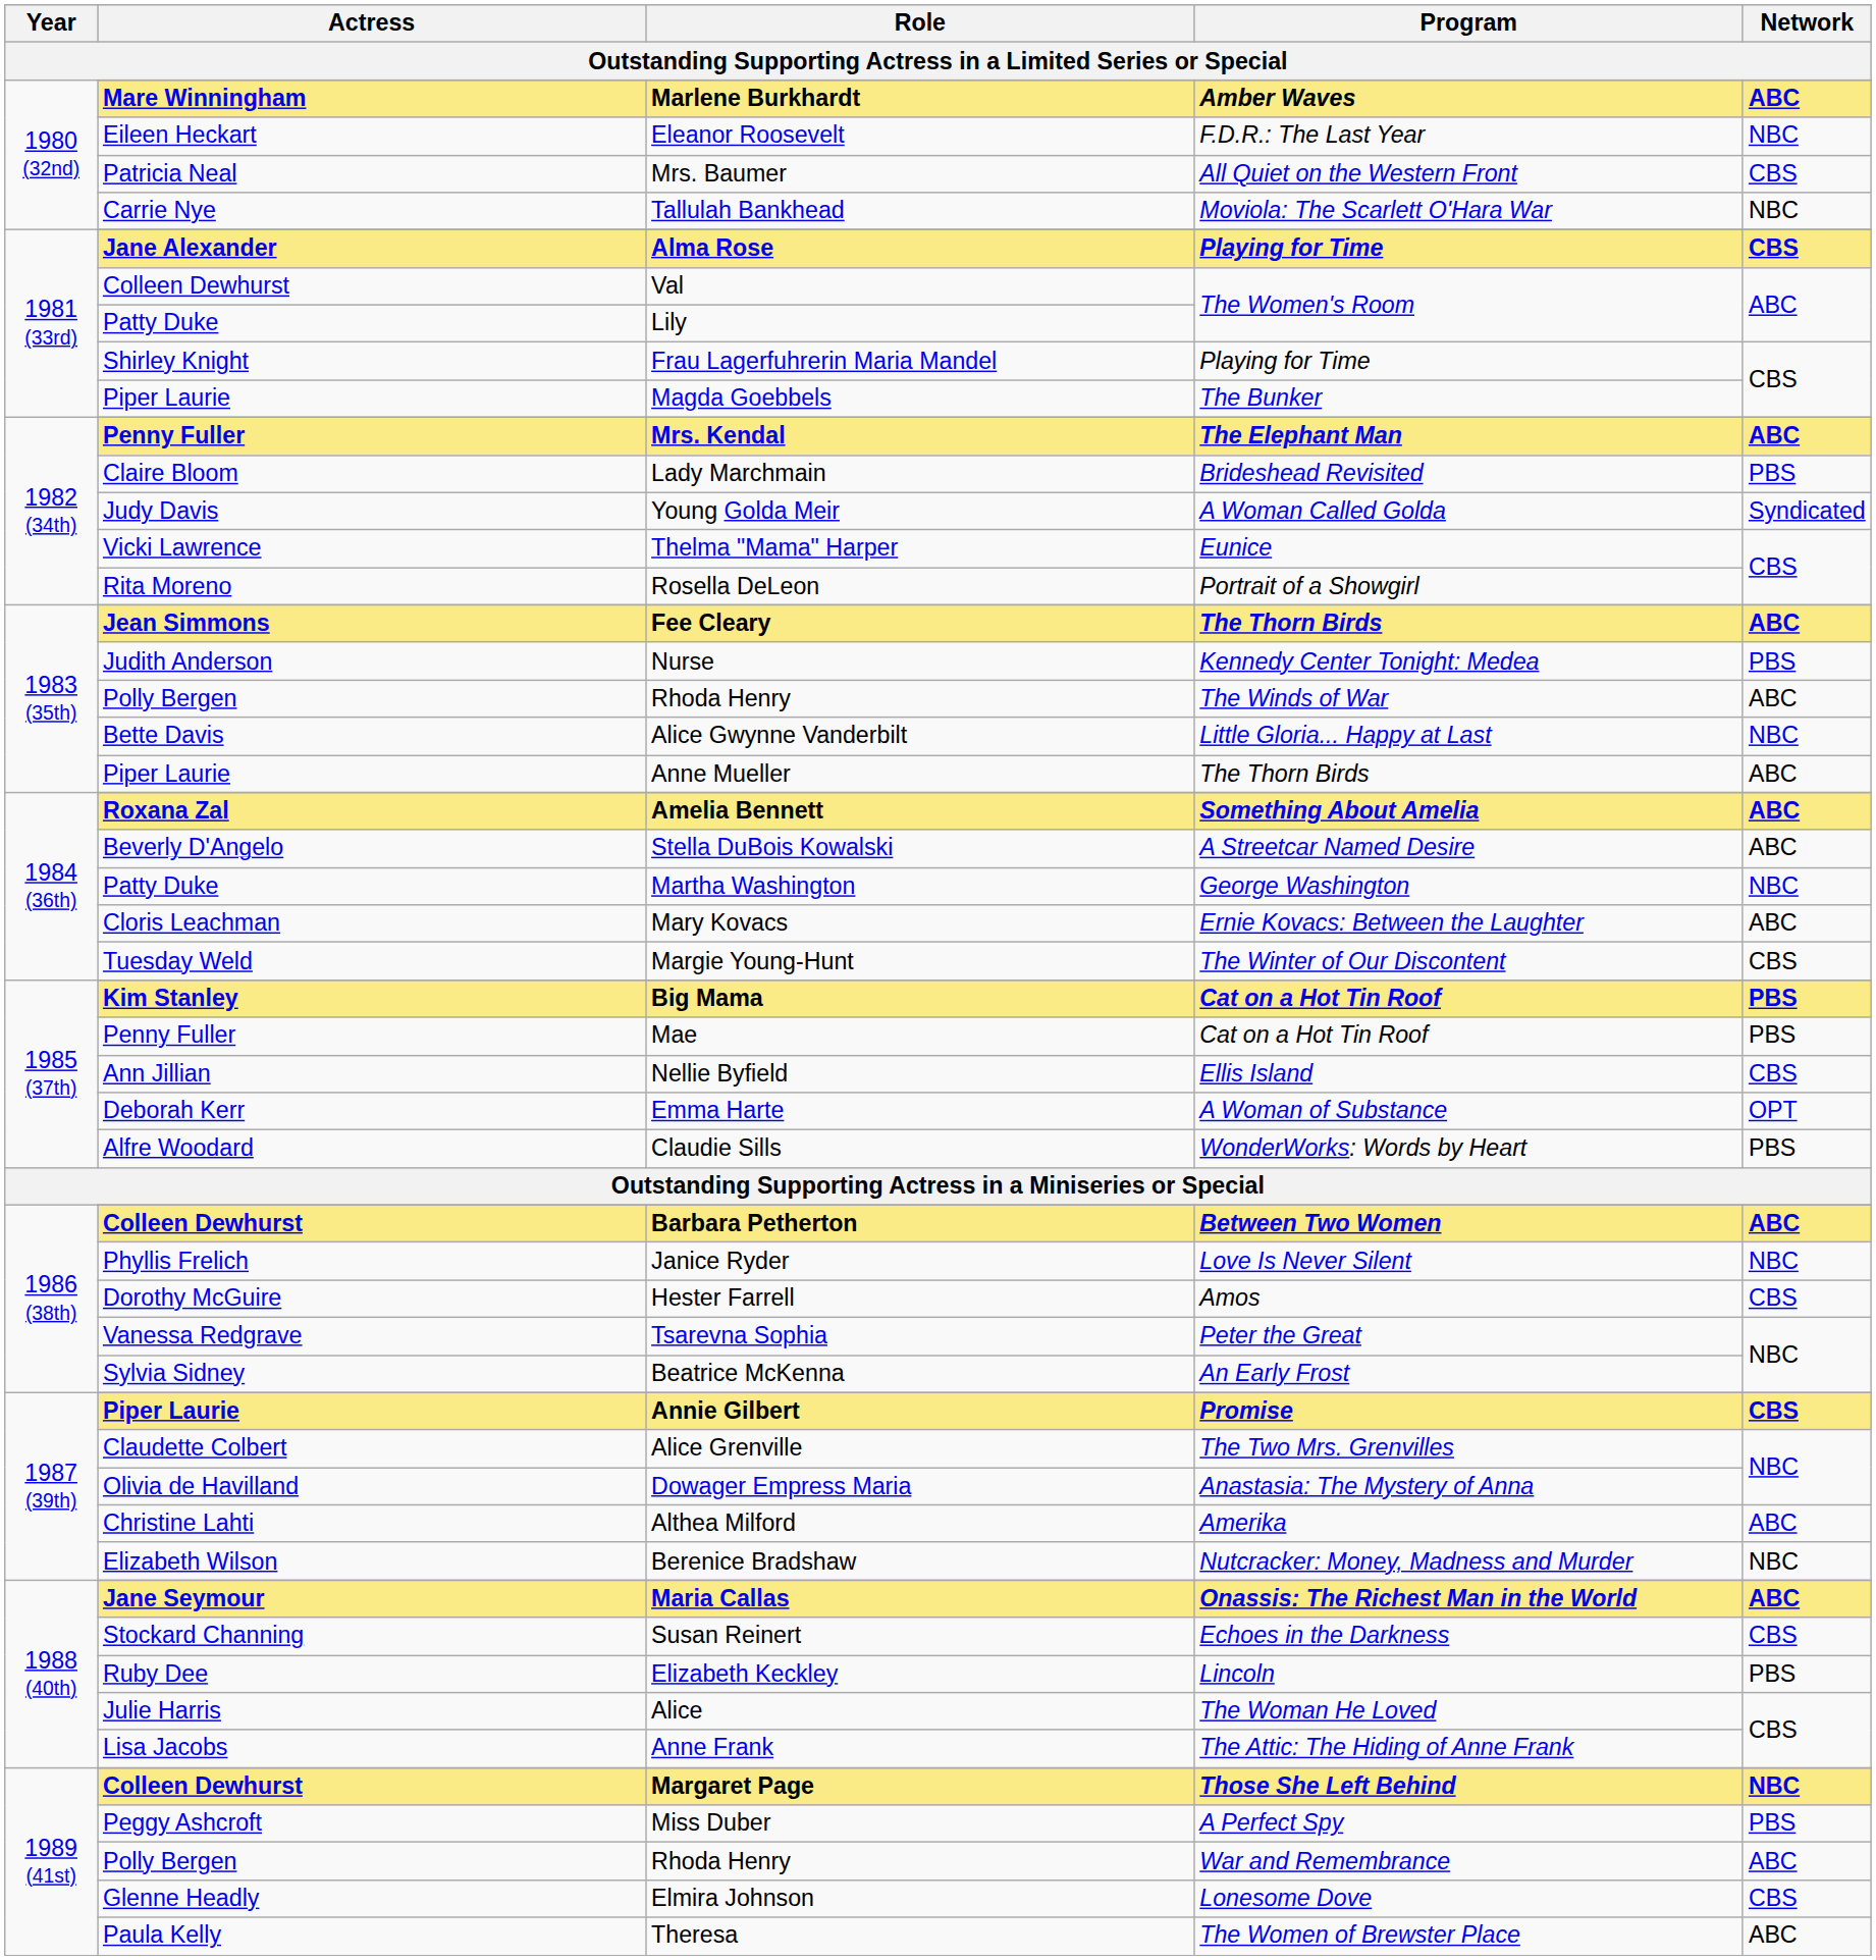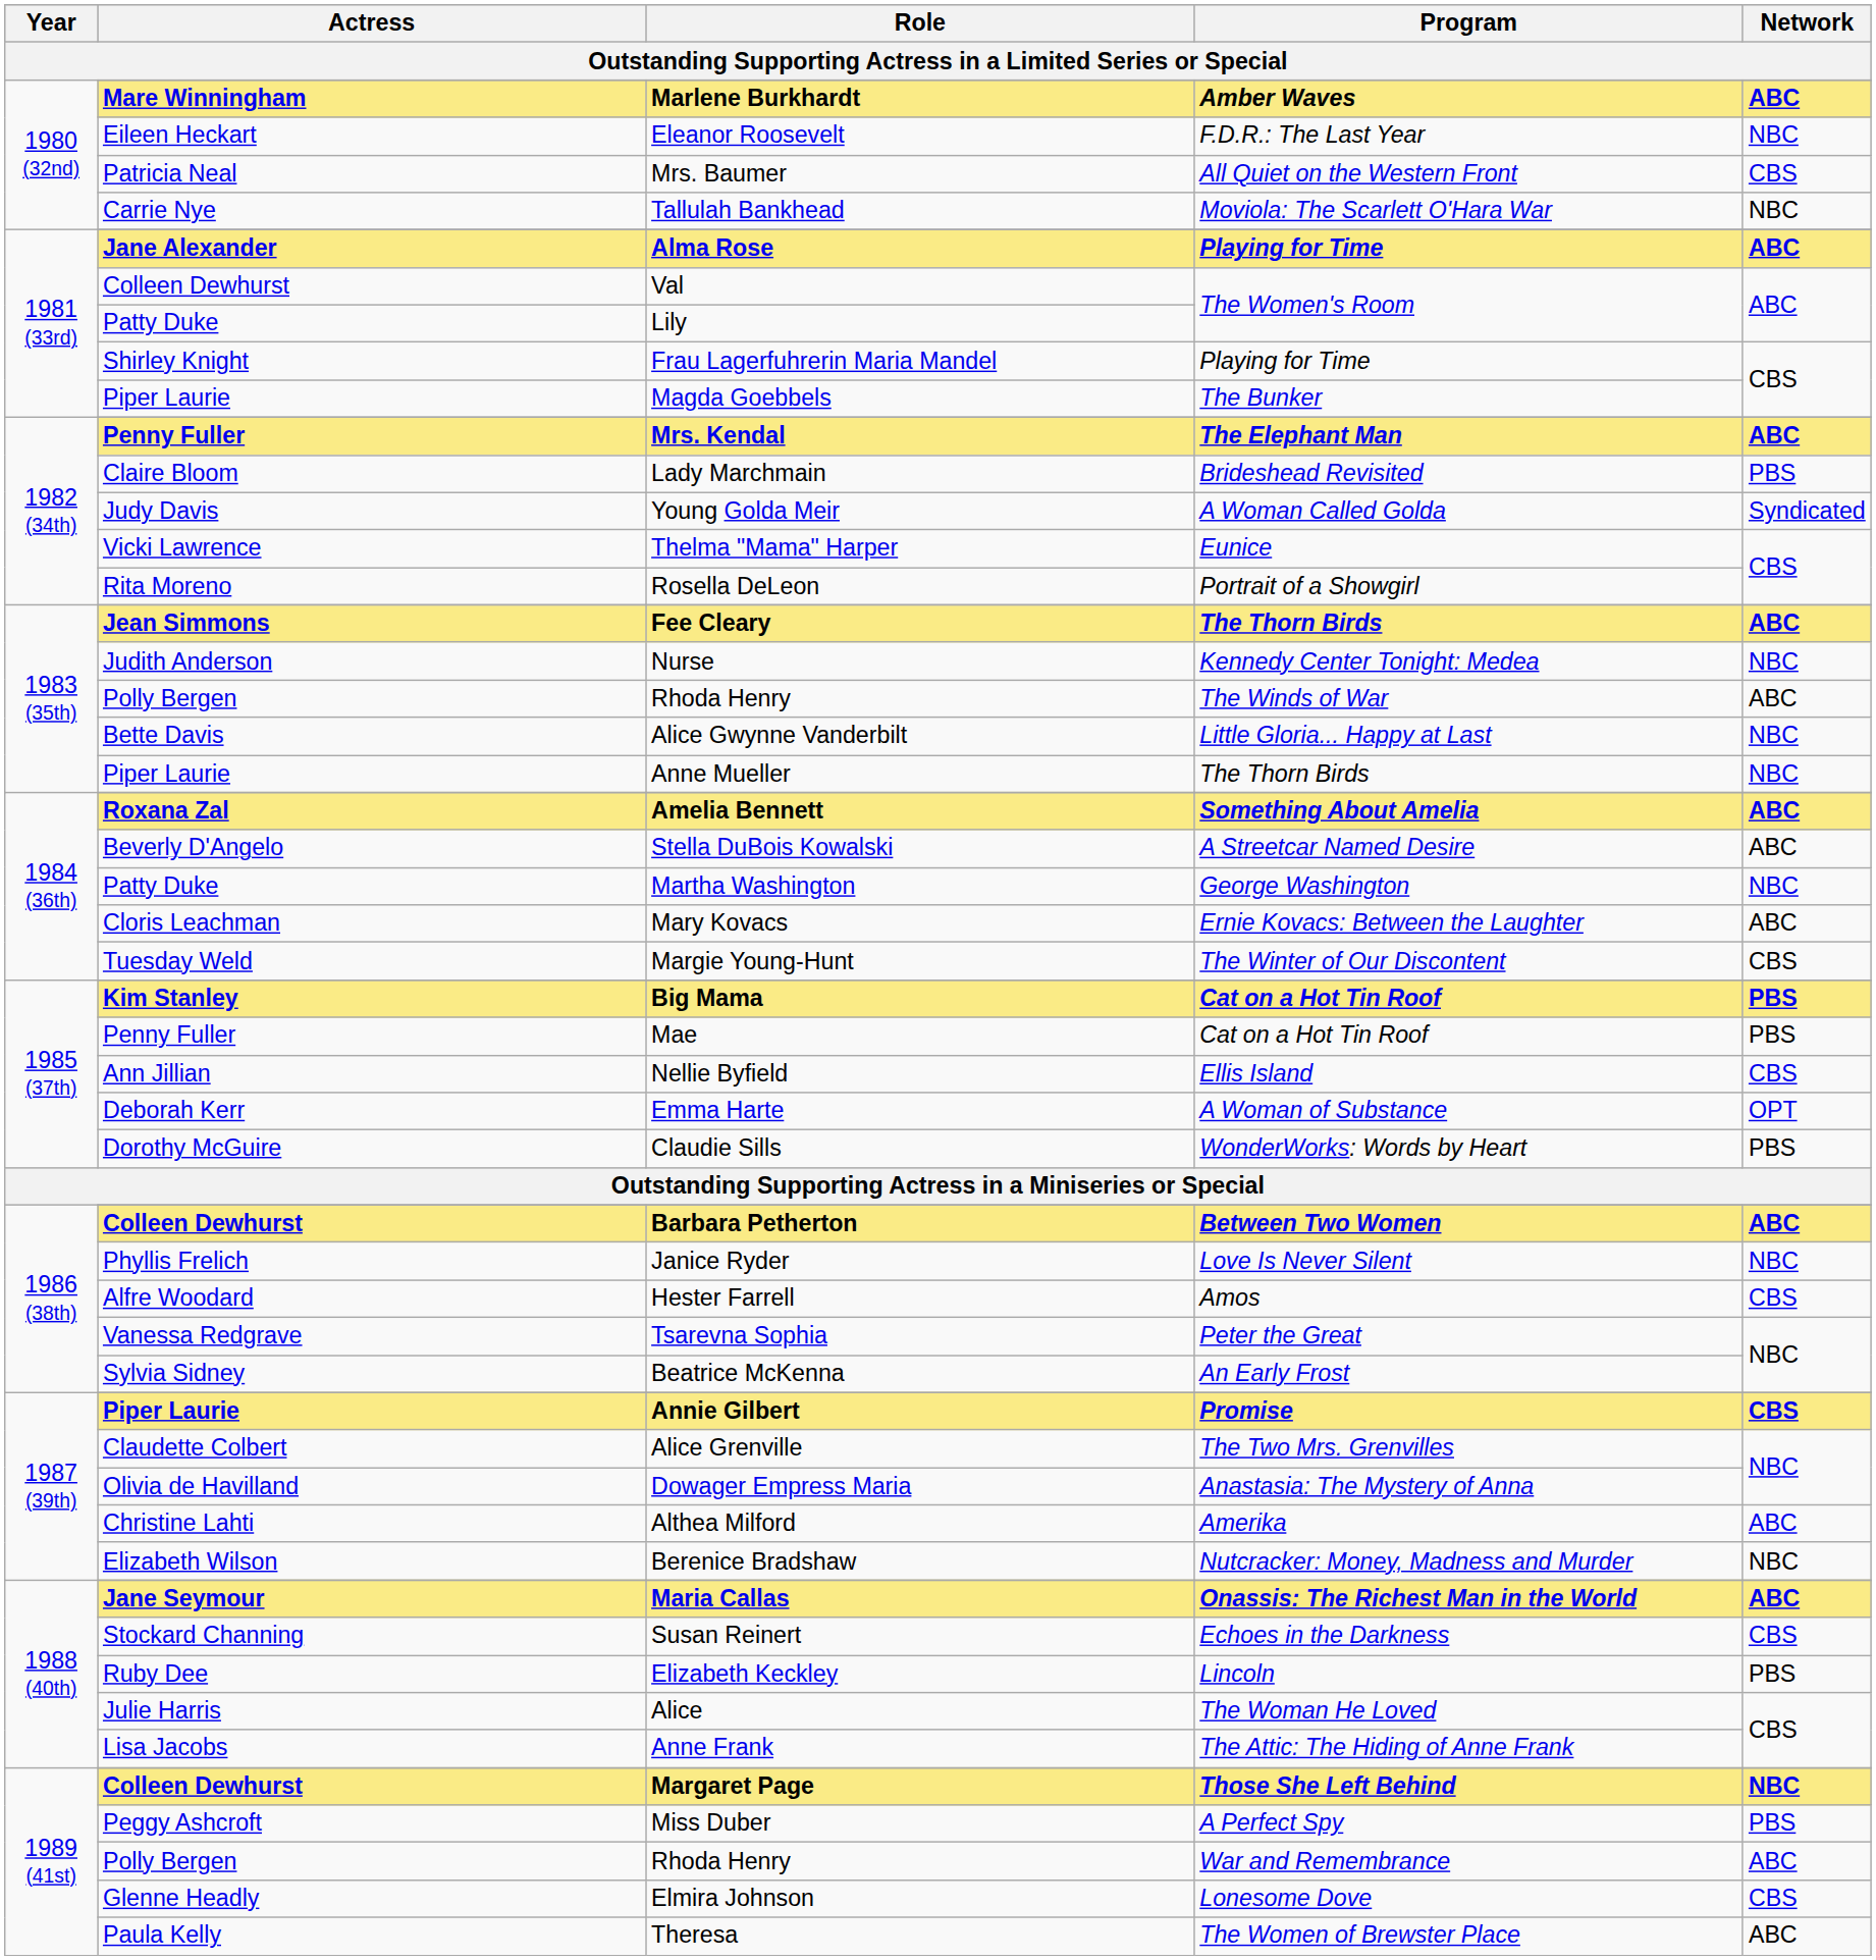 <table class="wikitable" style="width:100%; text-align: left;">
 <tr style="background:#bebebe;">
 <th style="width:5%;">Year</th>
 <th style="width:30%;">Actress</th>
 <th style="width:30%;">Role</th>
 <th style="width:30%;">Program</th>
 <th style="width:5%;">Network</th>
 </tr>
 <tr>
 <th colspan=5>Outstanding Supporting Actress in a Limited Series or Special</th>
 </tr>
 <tr>
 <td rowspan=5 style="text-align:center"><a href='#'>1980</a><br><small><a href='#'>(32nd)</a></small><br></td>
 </tr>
 <tr style="background:#FAEB86;">
 <td><strong><a href='#'>Mare Winningham</a></strong></td>
 <td><strong>Marlene Burkhardt</strong></td>
 <td><strong><em>Amber Waves</em></strong></td>
 <td><strong><a href='#'>ABC</a></strong></td>
 </tr>
 <tr>
 <td><a href='#'>Eileen Heckart</a></td>
 <td><a href='#'>Eleanor Roosevelt</a></td>
 <td><em>F.D.R.: The Last Year</em></td>
 <td><a href='#'>NBC</a></td>
 </tr>
 <tr>
 <td><a href='#'>Patricia Neal</a></td>
 <td>Mrs. Baumer</td>
 <td><em><a href='#'>All Quiet on the Western Front</a></em></td>
 <td><a href='#'>CBS</a></td>
 </tr>
 <tr>
 <td><a href='#'>Carrie Nye</a></td>
 <td><a href='#'>Tallulah Bankhead</a></td>
 <td><em><a href='#'>Moviola: The Scarlett O'Hara War</a></em></td>
 <td>NBC</td>
 </tr>
 <tr>
 <td rowspan=6 style="text-align:center"><a href='#'>1981</a><br><small><a href='#'>(33rd)</a></small><br></td>
 </tr>
 <tr style="background:#FAEB86;">
 <td><strong><a href='#'>Jane Alexander</a></strong></td>
 <td><strong><a href='#'>Alma Rose</a></strong></td>
 <td><strong><em><a href='#'>Playing for Time</a></em></strong></td>
-<td><strong><a href='#'>CBS</a></strong></td>
+<td><strong><a href='#'>ABC</a></strong></td>
 </tr>
 <tr>
 <td><a href='#'>Colleen Dewhurst</a></td>
 <td>Val</td>
 <td rowspan="2"><em><a href='#'>The Women's Room</a></em></td>
 <td rowspan="2"><a href='#'>ABC</a></td>
 </tr>
 <tr>
 <td><a href='#'>Patty Duke</a></td>
 <td>Lily</td>
 </tr>
 <tr>
 <td><a href='#'>Shirley Knight</a></td>
 <td><a href='#'>Frau Lagerfuhrerin Maria Mandel</a></td>
 <td><em>Playing for Time</em></td>
 <td rowspan="2">CBS</td>
 </tr>
 <tr>
 <td><a href='#'>Piper Laurie</a></td>
 <td><a href='#'>Magda Goebbels</a></td>
 <td><em><a href='#'>The Bunker</a></em></td>
 </tr>
 <tr>
 <td rowspan=6 style="text-align:center"><a href='#'>1982</a><br><small><a href='#'>(34th)</a></small><br></td>
 </tr>
 <tr style="background:#FAEB86;">
 <td><strong><a href='#'>Penny Fuller</a></strong></td>
 <td><strong><a href='#'>Mrs. Kendal</a></strong></td>
 <td><strong><em><a href='#'>The Elephant Man</a></em></strong></td>
 <td><strong><a href='#'>ABC</a></strong></td>
 </tr>
 <tr>
 <td><a href='#'>Claire Bloom</a></td>
 <td>Lady Marchmain</td>
 <td><em><a href='#'>Brideshead Revisited</a></em></td>
 <td><a href='#'>PBS</a></td>
 </tr>
 <tr>
 <td><a href='#'>Judy Davis</a></td>
 <td>Young <a href='#'>Golda Meir</a></td>
 <td><em><a href='#'>A Woman Called Golda</a></em></td>
 <td><a href='#'>Syndicated</a></td>
 </tr>
 <tr>
 <td><a href='#'>Vicki Lawrence</a></td>
 <td><a href='#'>Thelma "Mama" Harper</a></td>
 <td><em><a href='#'>Eunice</a></em></td>
 <td rowspan="2"><a href='#'>CBS</a></td>
 </tr>
 <tr>
 <td><a href='#'>Rita Moreno</a></td>
 <td>Rosella DeLeon</td>
 <td><em>Portrait of a Showgirl</em></td>
 </tr>
 <tr>
 <td rowspan=6 style="text-align:center"><a href='#'>1983</a><br><small><a href='#'>(35th)</a></small><br></td>
 </tr>
 <tr style="background:#FAEB86;">
 <td><strong><a href='#'>Jean Simmons</a></strong></td>
 <td><strong>Fee Cleary</strong></td>
 <td><strong><em><a href='#'>The Thorn Birds</a></em></strong></td>
 <td><strong><a href='#'>ABC</a></strong></td>
 </tr>
 <tr>
 <td><a href='#'>Judith Anderson</a></td>
 <td>Nurse</td>
 <td><em><a href='#'>Kennedy Center Tonight: Medea</a></em></td>
-<td><a href='#'>PBS</a></td>
+<td><a href='#'>NBC</a></td>
 </tr>
 <tr>
 <td><a href='#'>Polly Bergen</a></td>
 <td>Rhoda Henry</td>
 <td><em><a href='#'>The Winds of War</a></em></td>
 <td>ABC</td>
 </tr>
 <tr>
 <td><a href='#'>Bette Davis</a></td>
 <td>Alice Gwynne Vanderbilt</td>
 <td><em><a href='#'>Little Gloria... Happy at Last</a></em></td>
 <td><a href='#'>NBC</a></td>
 </tr>
 <tr>
 <td><a href='#'>Piper Laurie</a></td>
 <td>Anne Mueller</td>
 <td><em>The Thorn Birds</em></td>
-<td>ABC</td>
+<td><a href='#'>NBC</a></td>
 </tr>
 <tr>
 <td rowspan=6 style="text-align:center"><a href='#'>1984</a><br><small><a href='#'>(36th)</a></small><br></td>
 </tr>
 <tr style="background:#FAEB86;">
 <td><strong><a href='#'>Roxana Zal</a></strong></td>
 <td><strong>Amelia Bennett</strong></td>
 <td><strong><em><a href='#'>Something About Amelia</a></em></strong></td>
 <td><strong><a href='#'>ABC</a></strong></td>
 </tr>
 <tr>
 <td><a href='#'>Beverly D'Angelo</a></td>
 <td><a href='#'>Stella DuBois Kowalski</a></td>
 <td><em><a href='#'>A Streetcar Named Desire</a></em></td>
 <td>ABC</td>
 </tr>
 <tr>
 <td><a href='#'>Patty Duke</a></td>
 <td><a href='#'>Martha Washington</a></td>
 <td><em><a href='#'>George Washington</a></em></td>
 <td><a href='#'>NBC</a></td>
 </tr>
 <tr>
 <td><a href='#'>Cloris Leachman</a></td>
 <td>Mary Kovacs</td>
 <td><em><a href='#'>Ernie Kovacs: Between the Laughter</a></em></td>
 <td>ABC</td>
 </tr>
 <tr>
 <td><a href='#'>Tuesday Weld</a></td>
 <td>Margie Young-Hunt</td>
 <td><em><a href='#'>The Winter of Our Discontent</a></em></td>
 <td>CBS</td>
 </tr>
 <tr>
 <td rowspan=6 style="text-align:center"><a href='#'>1985</a><br><small><a href='#'>(37th)</a></small><br></td>
 </tr>
 <tr style="background:#FAEB86;">
 <td><strong><a href='#'>Kim Stanley</a></strong></td>
 <td><strong>Big Mama</strong></td>
 <td><strong><em><a href='#'>Cat on a Hot Tin Roof</a></em></strong></td>
 <td><strong><a href='#'>PBS</a></strong></td>
 </tr>
 <tr>
 <td><a href='#'>Penny Fuller</a></td>
 <td>Mae</td>
 <td><em>Cat on a Hot Tin Roof</em></td>
 <td>PBS</td>
 </tr>
 <tr>
 <td><a href='#'>Ann Jillian</a></td>
 <td>Nellie Byfield</td>
 <td><em><a href='#'>Ellis Island</a></em></td>
 <td><a href='#'>CBS</a></td>
 </tr>
 <tr>
 <td><a href='#'>Deborah Kerr</a></td>
 <td><a href='#'>Emma Harte</a></td>
 <td><em><a href='#'>A Woman of Substance</a></em></td>
 <td><a href='#'>OPT</a></td>
 </tr>
 <tr>
-<td><a href='#'>Alfre Woodard</a></td>
+<td><a href='#'>Dorothy McGuire</a></td>
 <td>Claudie Sills</td>
 <td><em><a href='#'>WonderWorks</a>: Words by Heart</em></td>
 <td>PBS</td>
 </tr>
 <tr>
 <th colspan=5>Outstanding Supporting Actress in a Miniseries or Special</th>
 </tr>
 <tr>
 <td rowspan=6 style="text-align:center"><a href='#'>1986</a><br><small><a href='#'>(38th)</a></small><br></td>
 </tr>
 <tr style="background:#FAEB86;">
 <td><strong><a href='#'>Colleen Dewhurst</a></strong></td>
 <td><strong>Barbara Petherton</strong></td>
 <td><strong><em><a href='#'>Between Two Women</a></em></strong></td>
 <td><strong><a href='#'>ABC</a></strong></td>
 </tr>
 <tr>
 <td><a href='#'>Phyllis Frelich</a></td>
 <td>Janice Ryder</td>
 <td><em><a href='#'>Love Is Never Silent</a></em></td>
 <td><a href='#'>NBC</a></td>
 </tr>
 <tr>
-<td><a href='#'>Dorothy McGuire</a></td>
+<td><a href='#'>Alfre Woodard</a></td>
 <td>Hester Farrell</td>
 <td><em>Amos</em></td>
 <td><a href='#'>CBS</a></td>
 </tr>
 <tr>
 <td><a href='#'>Vanessa Redgrave</a></td>
 <td><a href='#'>Tsarevna Sophia</a></td>
 <td><em><a href='#'>Peter the Great</a></em></td>
 <td rowspan="2">NBC</td>
 </tr>
 <tr>
 <td><a href='#'>Sylvia Sidney</a></td>
 <td>Beatrice McKenna</td>
 <td><em><a href='#'>An Early Frost</a></em></td>
 </tr>
 <tr>
 <td rowspan=6 style="text-align:center"><a href='#'>1987</a><br><small><a href='#'>(39th)</a></small><br></td>
 </tr>
 <tr style="background:#FAEB86;">
 <td><strong><a href='#'>Piper Laurie</a></strong></td>
 <td><strong>Annie Gilbert</strong></td>
 <td><strong><em><a href='#'>Promise</a></em></strong></td>
 <td><strong><a href='#'>CBS</a></strong></td>
 </tr>
 <tr>
 <td><a href='#'>Claudette Colbert</a></td>
 <td>Alice Grenville</td>
 <td><em><a href='#'>The Two Mrs. Grenvilles</a></em></td>
 <td rowspan="2"><a href='#'>NBC</a></td>
 </tr>
 <tr>
 <td><a href='#'>Olivia de Havilland</a></td>
 <td><a href='#'>Dowager Empress Maria</a></td>
 <td><em><a href='#'>Anastasia: The Mystery of Anna</a></em></td>
 </tr>
 <tr>
 <td><a href='#'>Christine Lahti</a></td>
 <td>Althea Milford</td>
 <td><em><a href='#'>Amerika</a></em></td>
 <td><a href='#'>ABC</a></td>
 </tr>
 <tr>
 <td><a href='#'>Elizabeth Wilson</a></td>
 <td>Berenice Bradshaw</td>
 <td><em><a href='#'>Nutcracker: Money, Madness and Murder</a></em></td>
 <td>NBC</td>
 </tr>
 <tr>
 <td rowspan=6 style="text-align:center"><a href='#'>1988</a><br><small><a href='#'>(40th)</a></small><br></td>
 </tr>
 <tr style="background:#FAEB86;">
 <td><strong><a href='#'>Jane Seymour</a></strong></td>
 <td><strong><a href='#'>Maria Callas</a></strong></td>
 <td><strong><em><a href='#'>Onassis: The Richest Man in the World</a></em></strong></td>
 <td><strong><a href='#'>ABC</a></strong></td>
 </tr>
 <tr>
 <td><a href='#'>Stockard Channing</a></td>
 <td>Susan Reinert</td>
 <td><em><a href='#'>Echoes in the Darkness</a></em></td>
 <td><a href='#'>CBS</a></td>
 </tr>
 <tr>
 <td><a href='#'>Ruby Dee</a></td>
 <td><a href='#'>Elizabeth Keckley</a></td>
 <td><em><a href='#'>Lincoln</a></em></td>
 <td>PBS</td>
 </tr>
 <tr>
 <td><a href='#'>Julie Harris</a></td>
 <td>Alice</td>
 <td><em><a href='#'>The Woman He Loved</a></em></td>
 <td rowspan="2">CBS</td>
 </tr>
 <tr>
 <td><a href='#'>Lisa Jacobs</a></td>
 <td><a href='#'>Anne Frank</a></td>
 <td><em><a href='#'>The Attic: The Hiding of Anne Frank</a></em></td>
 </tr>
 <tr>
 <td rowspan=6 style="text-align:center"><a href='#'>1989</a><br><small><a href='#'>(41st)</a></small><br></td>
 </tr>
 <tr style="background:#FAEB86;">
 <td><strong><a href='#'>Colleen Dewhurst</a></strong></td>
 <td><strong>Margaret Page</strong></td>
 <td><strong><em><a href='#'>Those She Left Behind</a></em></strong></td>
 <td><strong><a href='#'>NBC</a></strong></td>
 </tr>
 <tr>
 <td><a href='#'>Peggy Ashcroft</a></td>
 <td>Miss Duber</td>
 <td><em><a href='#'>A Perfect Spy</a></em></td>
 <td><a href='#'>PBS</a></td>
 </tr>
 <tr>
 <td><a href='#'>Polly Bergen</a></td>
 <td>Rhoda Henry</td>
 <td><em><a href='#'>War and Remembrance</a></em></td>
 <td><a href='#'>ABC</a></td>
 </tr>
 <tr>
 <td><a href='#'>Glenne Headly</a></td>
 <td>Elmira Johnson</td>
 <td><em><a href='#'>Lonesome Dove</a></em></td>
 <td><a href='#'>CBS</a></td>
 </tr>
 <tr>
 <td><a href='#'>Paula Kelly</a></td>
 <td>Theresa</td>
 <td><em><a href='#'>The Women of Brewster Place</a></em></td>
 <td>ABC</td>
 </tr>
 </table>
